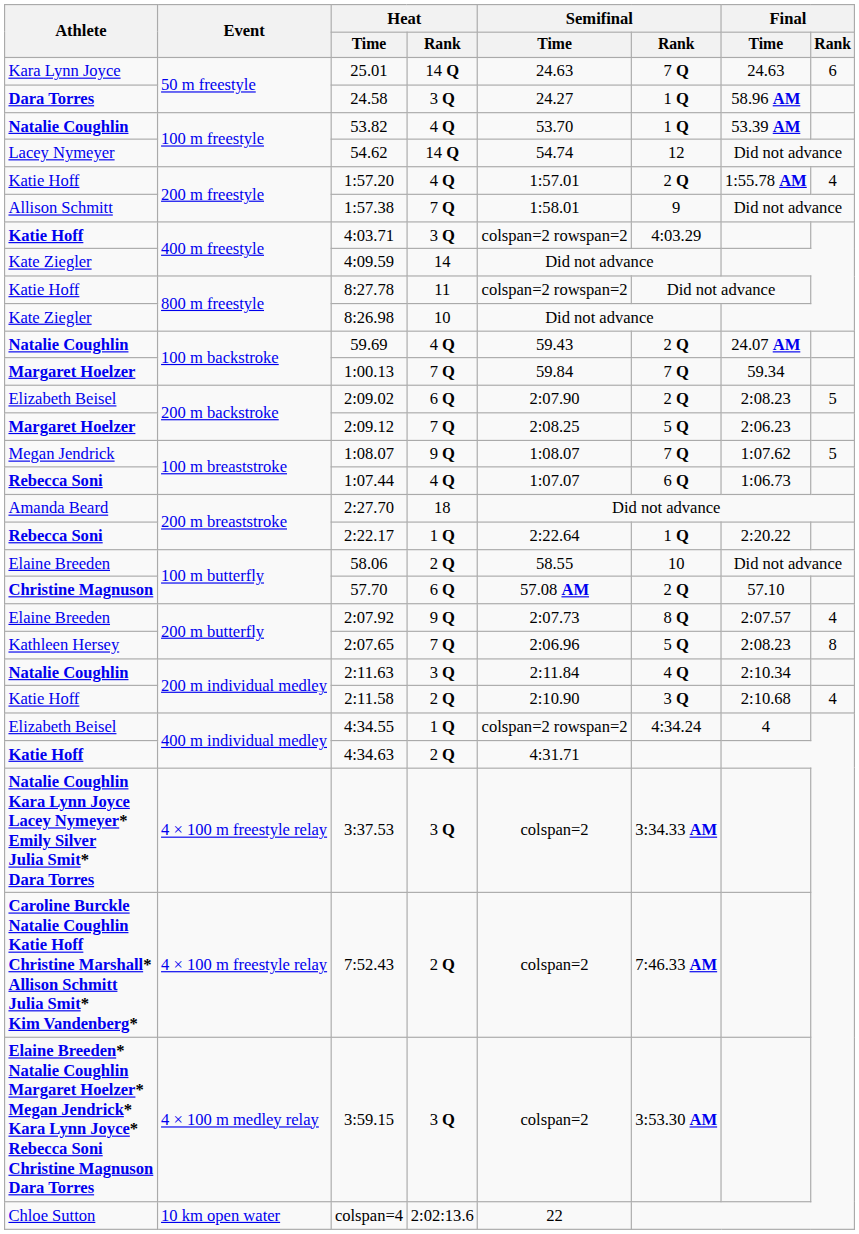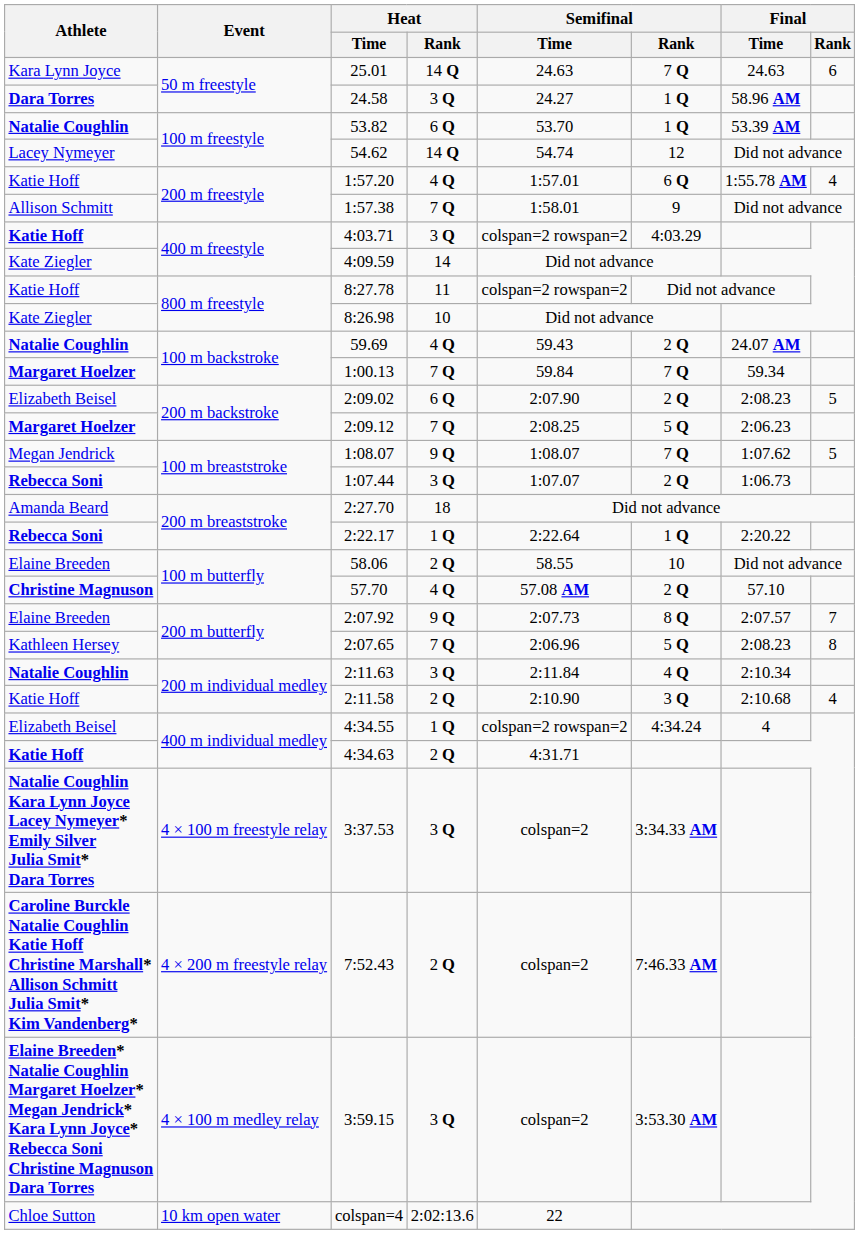 <table class=wikitable style=font-size:90%;text-align:center>
 <tr>
 <th rowspan=2>Athlete</th>
 <th rowspan=2>Event</th>
 <th colspan=2>Heat</th>
 <th colspan=2>Semifinal</th>
 <th colspan=2>Final</th>
 </tr>
 <tr style=font-size:95%>
 <th>Time</th>
 <th>Rank</th>
 <th>Time</th>
 <th>Rank</th>
 <th>Time</th>
 <th>Rank</th>
 </tr>
 <tr>
 <td align=left><a href='#'>Kara Lynn Joyce</a></td>
 <td align=left rowspan=2><a href='#'>50 m freestyle</a></td>
 <td>25.01</td>
 <td>14 <strong>Q</strong></td>
 <td>24.63</td>
 <td>7 <strong>Q</strong></td>
 <td>24.63</td>
 <td>6</td>
 </tr>
 <tr>
 <td align=left><strong><a href='#'>Dara Torres</a></strong></td>
 <td>24.58</td>
 <td>3 <strong>Q</strong></td>
 <td>24.27</td>
 <td>1 <strong>Q</strong></td>
 <td>58.96 <strong><a href='#'>AM</a></strong></td>
 <td></td>
 </tr>
 <tr>
 <td align=left><strong><a href='#'>Natalie Coughlin</a></strong></td>
 <td align=left rowspan=2><a href='#'>100 m freestyle</a></td>
 <td>53.82</td>
-<td>4 <strong>Q</strong></td>
+<td>6 <strong>Q</strong></td>
 <td>53.70</td>
 <td>1 <strong>Q</strong></td>
 <td>53.39 <strong><a href='#'>AM</a></strong></td>
 <td></td>
 </tr>
 <tr>
 <td align=left><a href='#'>Lacey Nymeyer</a></td>
 <td>54.62</td>
 <td>14 <strong>Q</strong></td>
 <td>54.74</td>
 <td>12</td>
 <td colspan=2>Did not advance</td>
 </tr>
 <tr>
 <td align=left><a href='#'>Katie Hoff</a></td>
 <td align=left rowspan=2><a href='#'>200 m freestyle</a></td>
 <td>1:57.20</td>
 <td>4 <strong>Q</strong></td>
 <td>1:57.01</td>
-<td>2 <strong>Q</strong></td>
+<td>6 <strong>Q</strong></td>
 <td>1:55.78 <strong><a href='#'>AM</a></strong></td>
 <td>4</td>
 </tr>
 <tr>
 <td align=left><a href='#'>Allison Schmitt</a></td>
 <td>1:57.38</td>
 <td>7 <strong>Q</strong></td>
 <td>1:58.01</td>
 <td>9</td>
 <td colspan=2>Did not advance</td>
 </tr>
 <tr>
 <td align=left><strong><a href='#'>Katie Hoff</a></strong></td>
 <td align=left rowspan=2><a href='#'>400 m freestyle</a></td>
 <td>4:03.71</td>
 <td>3 <strong>Q</strong></td>
 <td>colspan=2 rowspan=2 </td>
 <td>4:03.29</td>
 <td></td>
 </tr>
 <tr>
 <td align=left><a href='#'>Kate Ziegler</a></td>
 <td>4:09.59</td>
 <td>14</td>
 <td colspan=2>Did not advance</td>
 </tr>
 <tr>
 <td align=left><a href='#'>Katie Hoff</a></td>
 <td align=left rowspan=2><a href='#'>800 m freestyle</a></td>
 <td>8:27.78</td>
 <td>11</td>
 <td>colspan=2 rowspan=2 </td>
 <td colspan=2>Did not advance</td>
 </tr>
 <tr>
 <td align=left><a href='#'>Kate Ziegler</a></td>
 <td>8:26.98</td>
 <td>10</td>
 <td colspan=2>Did not advance</td>
 </tr>
 <tr>
 <td align=left><strong><a href='#'>Natalie Coughlin</a></strong></td>
 <td align=left rowspan=2><a href='#'>100 m backstroke</a></td>
 <td>59.69</td>
 <td>4 <strong>Q</strong></td>
 <td>59.43</td>
 <td>2 <strong>Q</strong></td>
 <td>24.07 <strong><a href='#'>AM</a></strong></td>
 <td></td>
 </tr>
 <tr>
 <td align=left><strong><a href='#'>Margaret Hoelzer</a></strong></td>
 <td>1:00.13</td>
 <td>7 <strong>Q</strong></td>
 <td>59.84</td>
 <td>7 <strong>Q</strong></td>
 <td>59.34</td>
 <td></td>
 </tr>
 <tr>
 <td align=left><a href='#'>Elizabeth Beisel</a></td>
 <td align=left rowspan=2><a href='#'>200 m backstroke</a></td>
 <td>2:09.02</td>
 <td>6 <strong>Q</strong></td>
 <td>2:07.90</td>
 <td>2 <strong>Q</strong></td>
 <td>2:08.23</td>
 <td>5</td>
 </tr>
 <tr>
 <td align=left><strong><a href='#'>Margaret Hoelzer</a></strong></td>
 <td>2:09.12</td>
 <td>7 <strong>Q</strong></td>
 <td>2:08.25</td>
 <td>5 <strong>Q</strong></td>
 <td>2:06.23</td>
 <td></td>
 </tr>
 <tr>
 <td align=left><a href='#'>Megan Jendrick</a></td>
 <td align=left rowspan=2><a href='#'>100 m breaststroke</a></td>
 <td>1:08.07</td>
 <td>9 <strong>Q</strong></td>
 <td>1:08.07</td>
 <td>7 <strong>Q</strong></td>
 <td>1:07.62</td>
 <td>5</td>
 </tr>
 <tr>
 <td align=left><strong><a href='#'>Rebecca Soni</a></strong></td>
 <td>1:07.44</td>
-<td>4 <strong>Q</strong></td>
+<td>3 <strong>Q</strong></td>
 <td>1:07.07</td>
-<td>6 <strong>Q</strong></td>
+<td>2 <strong>Q</strong></td>
 <td>1:06.73</td>
 <td></td>
 </tr>
 <tr>
 <td align=left><a href='#'>Amanda Beard</a></td>
 <td align=left rowspan=2><a href='#'>200 m breaststroke</a></td>
 <td>2:27.70</td>
 <td>18</td>
 <td colspan=4>Did not advance</td>
 </tr>
 <tr>
 <td align=left><strong><a href='#'>Rebecca Soni</a></strong></td>
 <td>2:22.17 </td>
 <td>1 <strong>Q</strong></td>
 <td>2:22.64</td>
 <td>1 <strong>Q</strong></td>
 <td>2:20.22 </td>
 <td></td>
 </tr>
 <tr>
 <td align=left><a href='#'>Elaine Breeden</a></td>
 <td align=left rowspan=2><a href='#'>100 m butterfly</a></td>
 <td>58.06</td>
 <td>2 <strong>Q</strong></td>
 <td>58.55</td>
 <td>10</td>
 <td colspan=2>Did not advance</td>
 </tr>
 <tr>
 <td align=left><strong><a href='#'>Christine Magnuson</a></strong></td>
 <td>57.70</td>
-<td>6 <strong>Q</strong></td>
+<td>4 <strong>Q</strong></td>
 <td>57.08 <strong><a href='#'>AM</a></strong></td>
 <td>2 <strong>Q</strong></td>
 <td>57.10</td>
 <td></td>
 </tr>
 <tr>
 <td align=left><a href='#'>Elaine Breeden</a></td>
 <td align=left rowspan=2><a href='#'>200 m butterfly</a></td>
 <td>2:07.92</td>
 <td>9 <strong>Q</strong></td>
 <td>2:07.73</td>
 <td>8 <strong>Q</strong></td>
 <td>2:07.57</td>
-<td>4</td>
+<td>7</td>
 </tr>
 <tr>
 <td align=left><a href='#'>Kathleen Hersey</a></td>
 <td>2:07.65</td>
 <td>7 <strong>Q</strong></td>
 <td>2:06.96</td>
 <td>5 <strong>Q</strong></td>
 <td>2:08.23</td>
 <td>8</td>
 </tr>
 <tr>
 <td align=left><strong><a href='#'>Natalie Coughlin</a></strong></td>
 <td align=left rowspan=2><a href='#'>200 m individual medley</a></td>
 <td>2:11.63</td>
 <td>3 <strong>Q</strong></td>
 <td>2:11.84</td>
 <td>4 <strong>Q</strong></td>
 <td>2:10.34</td>
 <td></td>
 </tr>
 <tr>
 <td align=left><a href='#'>Katie Hoff</a></td>
 <td>2:11.58</td>
 <td>2 <strong>Q</strong></td>
 <td>2:10.90</td>
 <td>3 <strong>Q</strong></td>
 <td>2:10.68</td>
 <td>4</td>
 </tr>
 <tr>
 <td align=left><a href='#'>Elizabeth Beisel</a></td>
 <td align=left rowspan=2><a href='#'>400 m individual medley</a></td>
 <td>4:34.55</td>
 <td>1 <strong>Q</strong></td>
 <td>colspan=2 rowspan=2 </td>
 <td>4:34.24</td>
 <td>4</td>
 </tr>
 <tr>
 <td align=left><strong><a href='#'>Katie Hoff</a></strong></td>
 <td>4:34.63</td>
 <td>2 <strong>Q</strong></td>
 <td>4:31.71</td>
 <td></td>
 </tr>
 <tr>
 <td align=left><strong><a href='#'>Natalie Coughlin</a><br><a href='#'>Kara Lynn Joyce</a><br><a href='#'>Lacey Nymeyer</a>*<br><a href='#'>Emily Silver</a><br><a href='#'>Julia Smit</a>*<br><a href='#'>Dara Torres</a></strong></td>
 <td align=left><a href='#'>4 × 100 m freestyle relay</a></td>
 <td>3:37.53</td>
 <td>3 <strong>Q</strong></td>
 <td>colspan=2 </td>
 <td>3:34.33 <strong><a href='#'>AM</a></strong></td>
 <td></td>
 </tr>
 <tr>
 <td align=left><strong><a href='#'>Caroline Burckle</a><br><a href='#'>Natalie Coughlin</a><br><a href='#'>Katie Hoff</a><br><a href='#'>Christine Marshall</a>*<br><a href='#'>Allison Schmitt</a><br><a href='#'>Julia Smit</a>*<br><a href='#'>Kim Vandenberg</a>*</strong></td>
-<td align=left><a href='#'>4 × 100 m freestyle relay</a></td>
+<td align=left><a href='#'>4 × 200 m freestyle relay</a></td>
 <td>7:52.43</td>
 <td>2 <strong>Q</strong></td>
 <td>colspan=2 </td>
 <td>7:46.33 <strong><a href='#'>AM</a></strong></td>
 <td></td>
 </tr>
 <tr>
 <td align=left><strong><a href='#'>Elaine Breeden</a>*<br><a href='#'>Natalie Coughlin</a><br><a href='#'>Margaret Hoelzer</a>*<br><a href='#'>Megan Jendrick</a>*<br><a href='#'>Kara Lynn Joyce</a>*<br><a href='#'>Rebecca Soni</a><br><a href='#'>Christine Magnuson</a><br><a href='#'>Dara Torres</a></strong></td>
 <td align=left><a href='#'>4 × 100 m medley relay</a></td>
 <td>3:59.15</td>
 <td>3 <strong>Q</strong></td>
 <td>colspan=2 </td>
 <td>3:53.30 <strong><a href='#'>AM</a></strong></td>
 <td></td>
 </tr>
 <tr>
 <td align=left><a href='#'>Chloe Sutton</a></td>
 <td align=left><a href='#'>10 km open water</a></td>
 <td>colspan=4 </td>
 <td>2:02:13.6</td>
 <td>22</td>
 </tr>
 </table>
